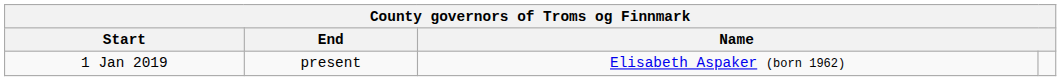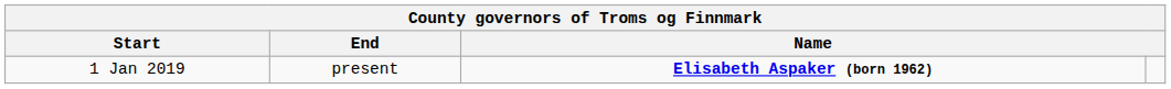 <table class="wikitable" style="text-align:center; width:75%;">
 <tr>
 <th colspan=5>County governors of Troms og Finnmark</th>
 </tr>
 <tr>
 <th>Start</th>
 <th>End</th>
 <th colspan="2">Name</th>
 </tr>
 <tr>
 <td>1 Jan 2019</td>
 <td>present</td>
-<td><a href='#'>Elisabeth Aspaker</a> <small>(born 1962)</small></td>
+<td><strong><a href='#'>Elisabeth Aspaker</a> <small>(born 1962)</small></strong></td>
 <td></td>
 </tr>
 </table>
